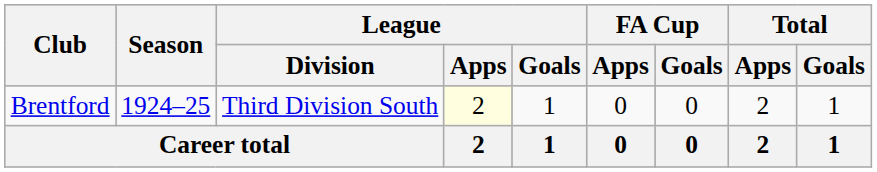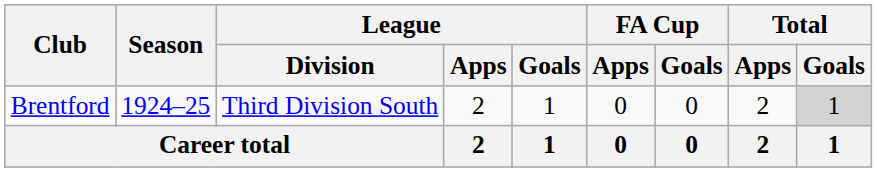 <table class="wikitable" style="text-align: center;">
 <tr>
 <th rowspan="2">Club</th>
 <th rowspan="2">Season</th>
 <th colspan="3">League</th>
 <th colspan="2">FA Cup</th>
 <th colspan="2">Total</th>
 </tr>
 <tr>
 <th>Division</th>
 <th>Apps</th>
 <th>Goals</th>
 <th>Apps</th>
 <th>Goals</th>
 <th>Apps</th>
 <th>Goals</th>
 </tr>
 <tr>
 <td><a href='#'>Brentford</a></td>
 <td><a href='#'>1924–25</a></td>
 <td><a href='#'>Third Division South</a></td>
-<td style="background: lightyellow;">2</td>
+<td>2</td>
 <td>1</td>
 <td>0</td>
 <td>0</td>
 <td>2</td>
-<td>1</td>
+<td style="background: lightgrey;">1</td>
 </tr>
 <tr>
 <th colspan="3">Career total</th>
 <th>2</th>
 <th>1</th>
 <th>0</th>
 <th>0</th>
 <th>2</th>
 <th>1</th>
 </tr>
 </table>
